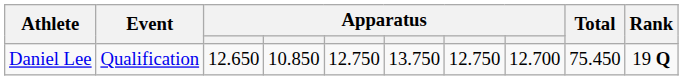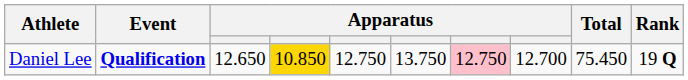 <table class="wikitable" style="font-size:90%">
 <tr>
 <th rowspan=2>Athlete</th>
 <th rowspan=2>Event</th>
 <th colspan=6>Apparatus</th>
 <th rowspan=2>Total</th>
 <th rowspan=2>Rank</th>
 </tr>
 <tr style="font-size:95%">
 <th></th>
 <th></th>
 <th></th>
 <th></th>
 <th></th>
 <th></th>
 </tr>
 <tr align=center>
 <td align=left><a href='#'>Daniel Lee</a></td>
-<td align=left><a href='#'>Qualification</a></td>
+<td align=left><strong><a href='#'>Qualification</a></strong></td>
 <td>12.650</td>
-<td>10.850</td>
+<td style="background: gold;">10.850</td>
 <td>12.750</td>
 <td>13.750</td>
-<td>12.750</td>
+<td style="background: pink;">12.750</td>
 <td>12.700</td>
 <td>75.450</td>
 <td>19 <strong>Q</strong></td>
 </tr>
 </table>
